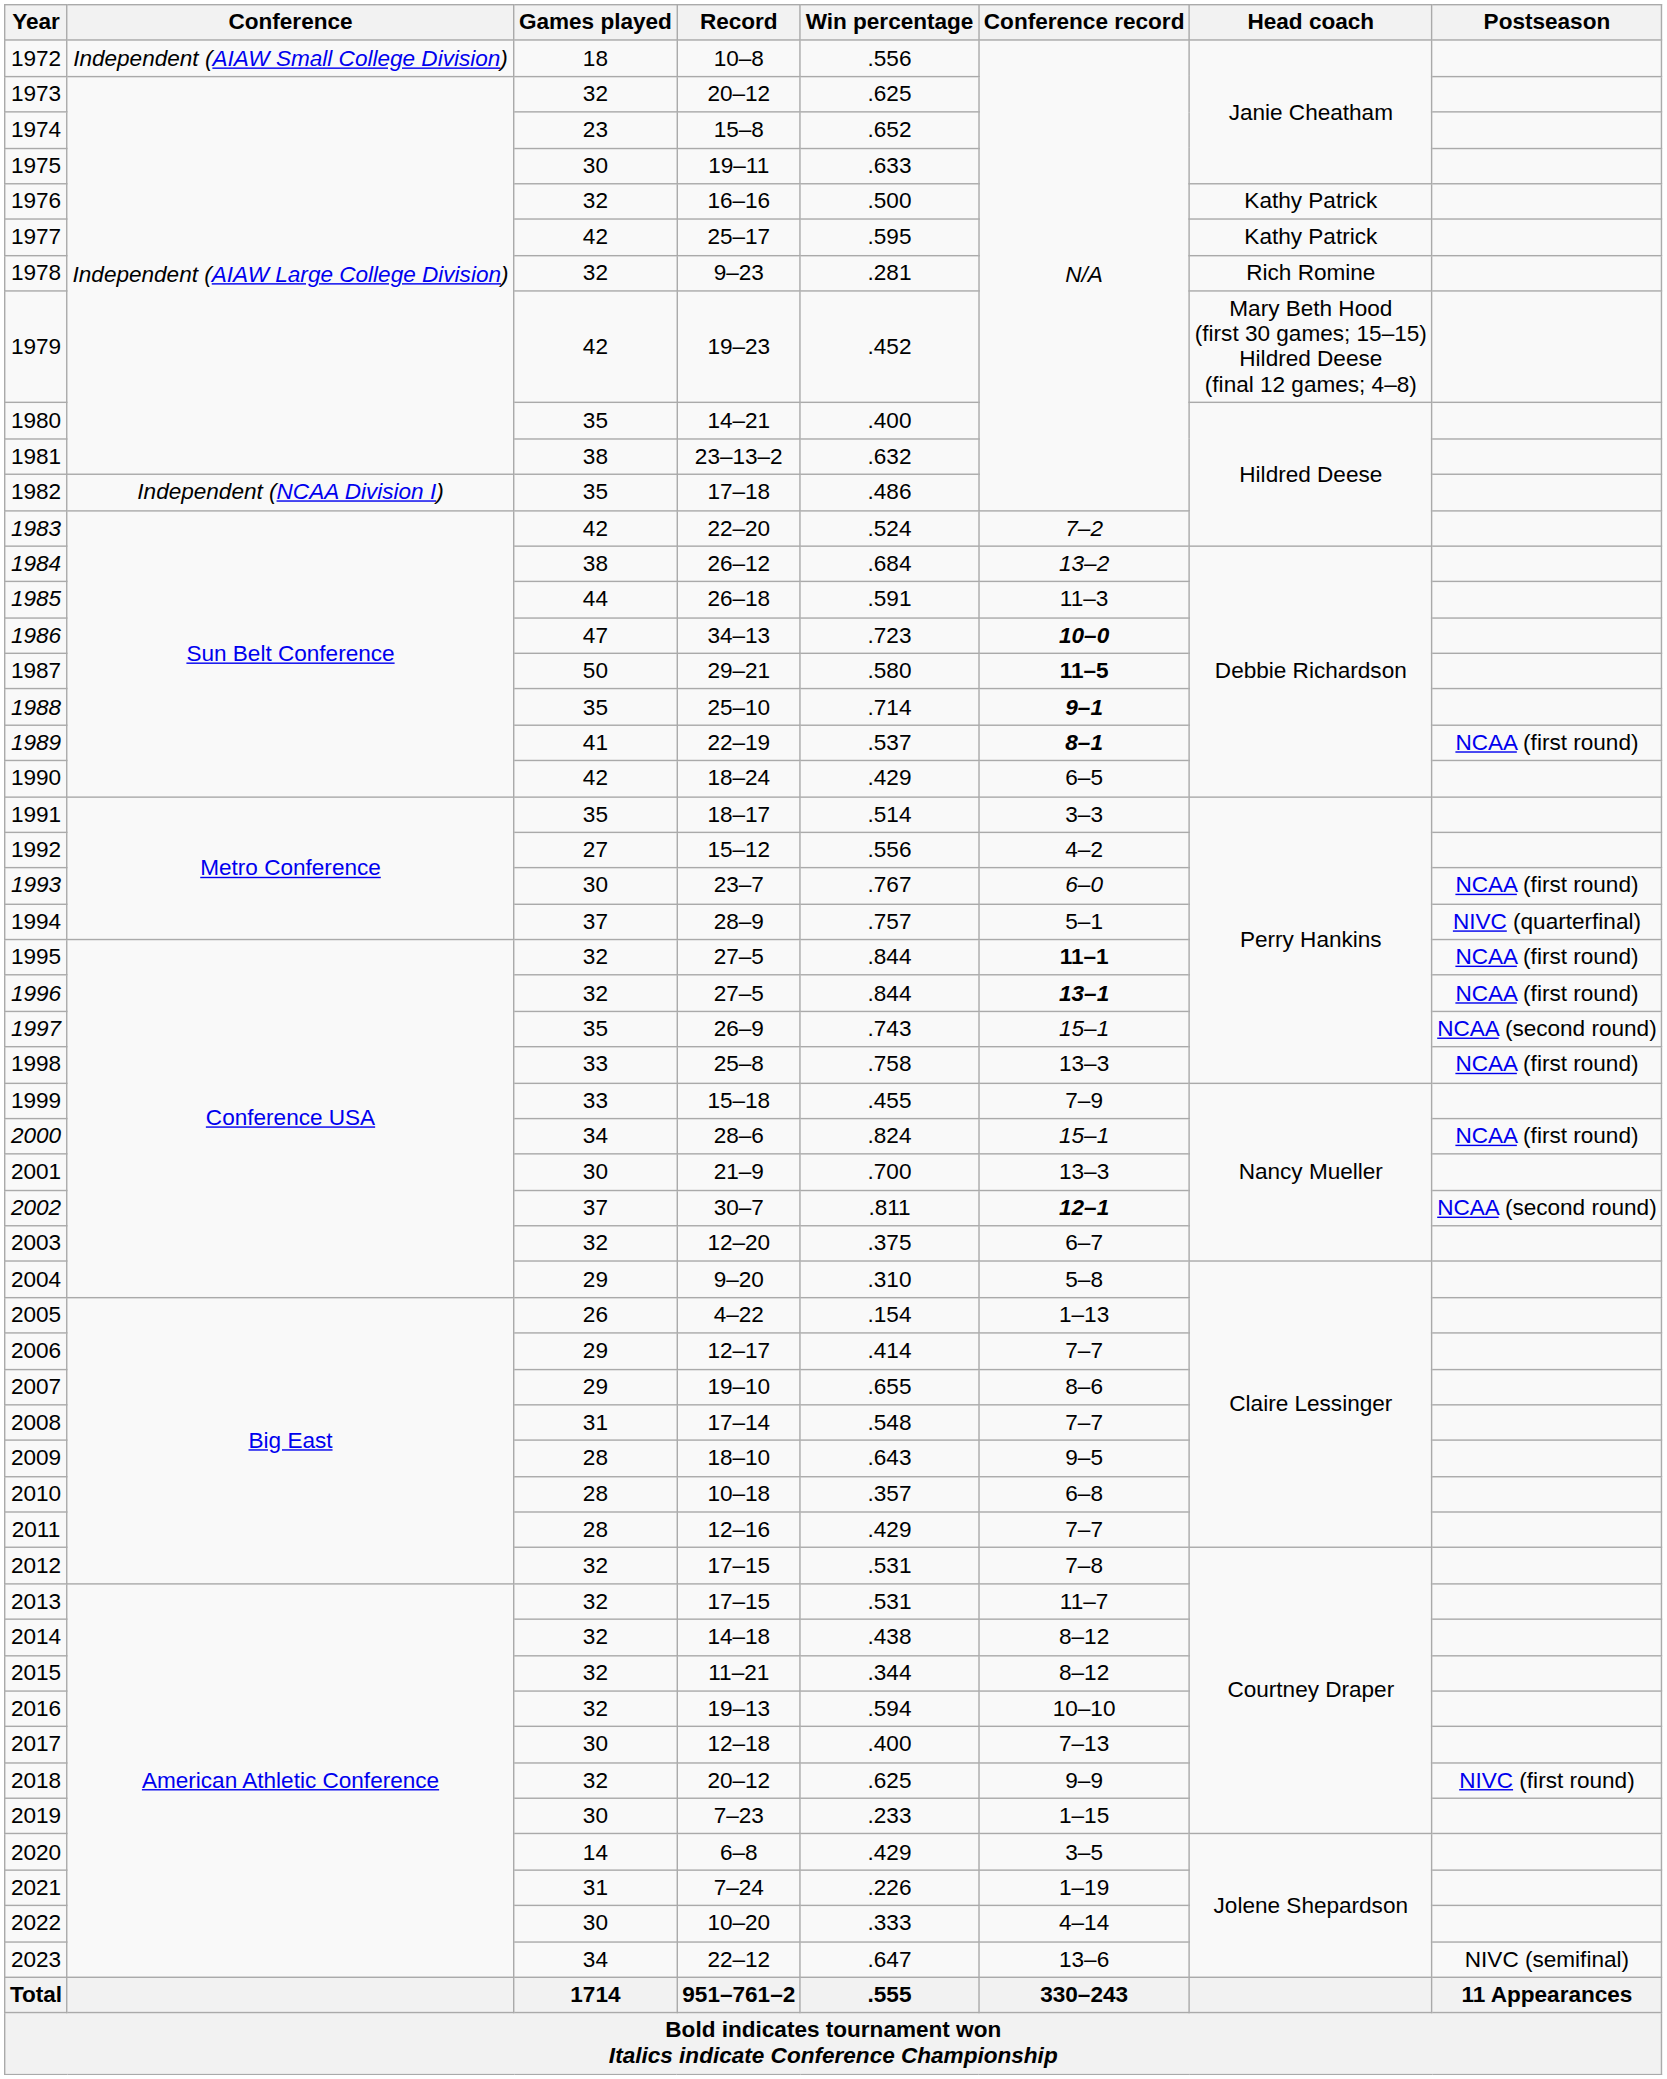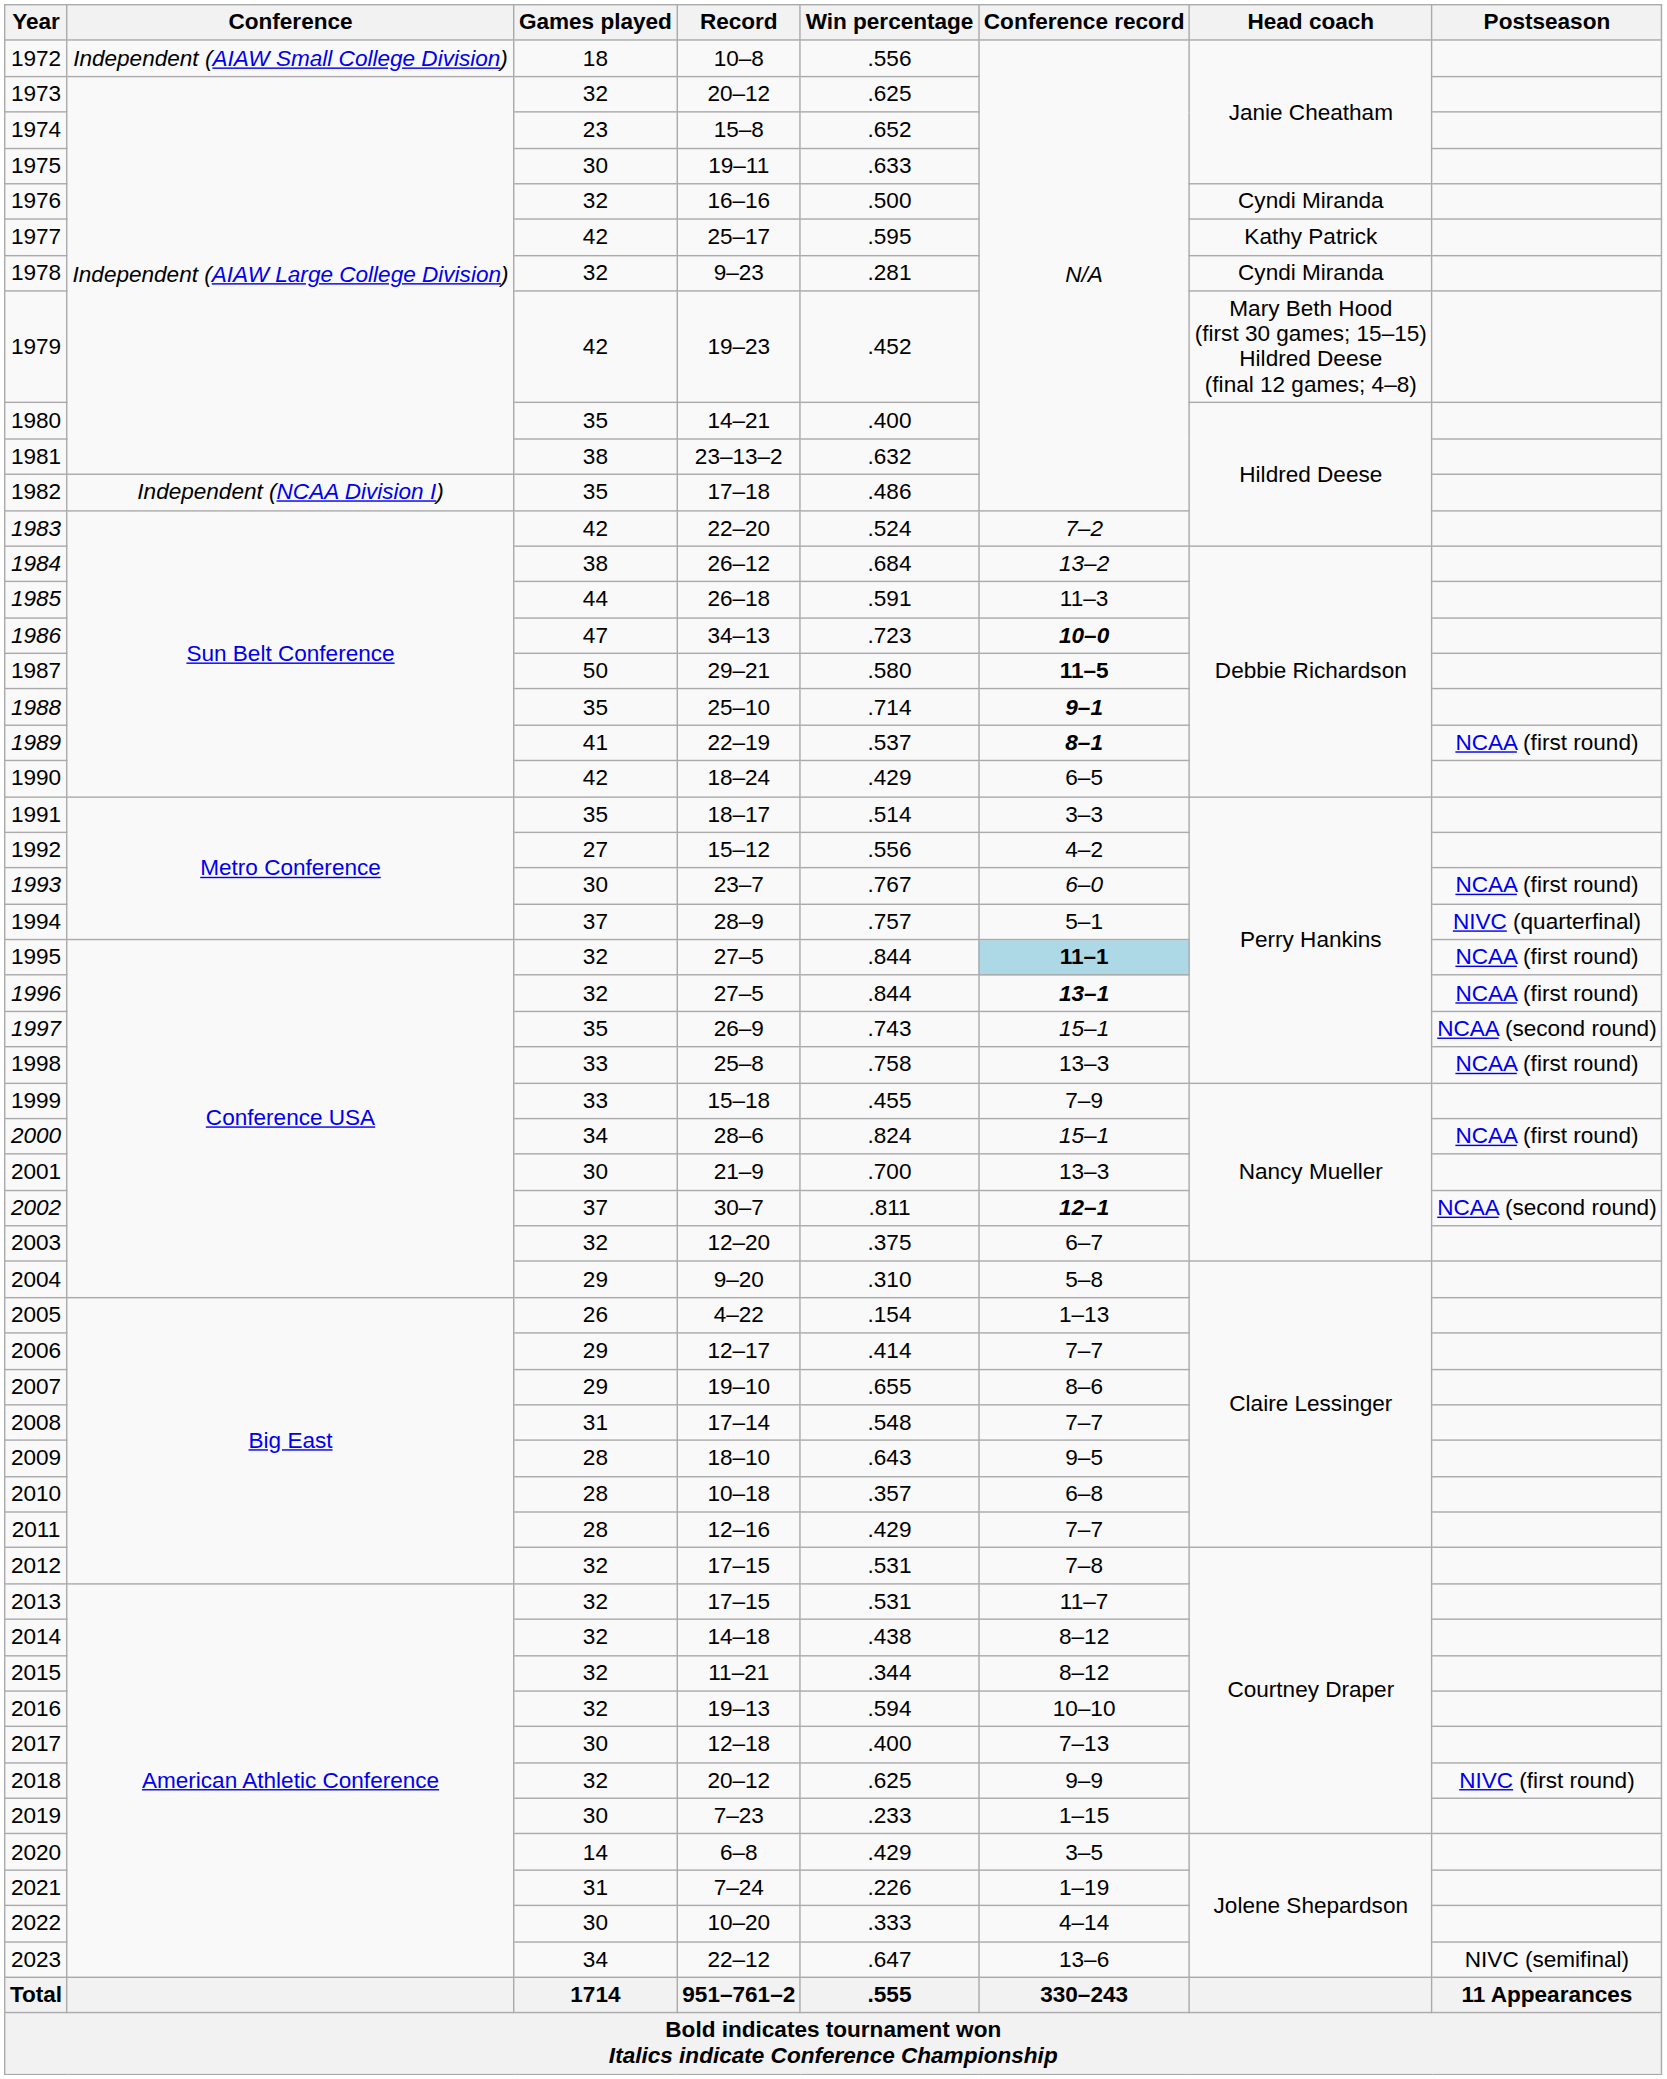 <table class="wikitable sortable" style="text-align:center;">
 <tr>
 <th style="text-align:center;">Year</th>
 <th style="text-align:center;">Conference</th>
 <th style="text-align:center;">Games played</th>
 <th style="text-align:center;">Record</th>
 <th style="text-align:center;">Win percentage</th>
 <th style="text-align:center;">Conference record</th>
 <th style="text-align:center;">Head coach</th>
 <th style="text-align:center;">Postseason</th>
 </tr>
 <tr>
 <td>1972</td>
 <td><em>Independent (<a href='#'>AIAW Small College Division</a>)</em></td>
 <td>18</td>
 <td>10–8</td>
 <td>.556</td>
 <td rowspan="11"><em>N/A</em></td>
 <td rowspan="4">Janie Cheatham</td>
 <td></td>
 </tr>
 <tr>
 <td>1973</td>
 <td rowspan="9"><em>Independent (<a href='#'>AIAW Large College Division</a>)</em></td>
 <td>32</td>
 <td>20–12</td>
 <td>.625</td>
 <td></td>
 </tr>
 <tr>
 <td>1974</td>
 <td>23</td>
 <td>15–8</td>
 <td>.652</td>
 <td></td>
 </tr>
 <tr>
 <td>1975</td>
 <td>30</td>
 <td>19–11</td>
 <td>.633</td>
 <td></td>
 </tr>
 <tr>
 <td>1976</td>
 <td>32</td>
 <td>16–16</td>
 <td>.500</td>
-<td>Kathy Patrick</td>
+<td>Cyndi Miranda</td>
 <td></td>
 </tr>
 <tr>
 <td>1977</td>
 <td>42</td>
 <td>25–17</td>
 <td>.595</td>
 <td>Kathy Patrick</td>
 <td></td>
 </tr>
 <tr>
 <td>1978</td>
 <td>32</td>
 <td>9–23</td>
 <td>.281</td>
-<td>Rich Romine</td>
+<td>Cyndi Miranda</td>
 <td></td>
 </tr>
 <tr>
 <td>1979</td>
 <td>42</td>
 <td>19–23</td>
 <td>.452</td>
 <td>Mary Beth Hood<br>(first 30 games; 15–15)<br>Hildred Deese<br>(final 12 games; 4–8)</td>
 <td></td>
 </tr>
 <tr>
 <td>1980</td>
 <td>35</td>
 <td>14–21</td>
 <td>.400</td>
 <td rowspan="4">Hildred Deese</td>
 <td></td>
 </tr>
 <tr>
 <td>1981</td>
 <td>38</td>
 <td>23–13–2</td>
 <td>.632</td>
 <td></td>
 </tr>
 <tr>
 <td>1982</td>
 <td><em>Independent (<a href='#'>NCAA Division I</a>)</em></td>
 <td>35</td>
 <td>17–18</td>
 <td>.486</td>
 <td></td>
 </tr>
 <tr>
 <td><em>1983</em></td>
 <td rowspan="8"><a href='#'>Sun Belt Conference</a></td>
 <td>42</td>
 <td>22–20</td>
 <td>.524</td>
 <td><em>7–2</em></td>
 <td></td>
 </tr>
 <tr>
 <td><em>1984</em></td>
 <td>38</td>
 <td>26–12</td>
 <td>.684</td>
 <td><em>13–2</em></td>
 <td rowspan="7">Debbie Richardson</td>
 <td></td>
 </tr>
 <tr>
 <td><em>1985</em></td>
 <td>44</td>
 <td>26–18</td>
 <td>.591</td>
 <td>11–3</td>
 <td></td>
 </tr>
 <tr>
 <td><em>1986</em></td>
 <td>47</td>
 <td>34–13</td>
 <td>.723</td>
 <td><strong><em>10–0</em></strong></td>
 <td></td>
 </tr>
 <tr>
 <td>1987</td>
 <td>50</td>
 <td>29–21</td>
 <td>.580</td>
 <td><strong>11–5</strong></td>
 <td></td>
 </tr>
 <tr>
 <td><em>1988</em></td>
 <td>35</td>
 <td>25–10</td>
 <td>.714</td>
 <td><strong><em>9–1</em></strong></td>
 <td></td>
 </tr>
 <tr>
 <td><em>1989</em></td>
 <td>41</td>
 <td>22–19</td>
 <td>.537</td>
 <td><strong><em>8–1</em></strong></td>
 <td><a href='#'>NCAA</a> (first round)</td>
 </tr>
 <tr>
 <td>1990</td>
 <td>42</td>
 <td>18–24</td>
 <td>.429</td>
 <td>6–5</td>
 <td></td>
 </tr>
 <tr>
 <td>1991</td>
 <td rowspan="4"><a href='#'>Metro Conference</a></td>
 <td>35</td>
 <td>18–17</td>
 <td>.514</td>
 <td>3–3</td>
 <td rowspan="8">Perry Hankins</td>
 <td></td>
 </tr>
 <tr>
 <td>1992</td>
 <td>27</td>
 <td>15–12</td>
 <td>.556</td>
 <td>4–2</td>
 <td></td>
 </tr>
 <tr>
 <td><em>1993</em></td>
 <td>30</td>
 <td>23–7</td>
 <td>.767</td>
 <td><em>6–0</em></td>
 <td><a href='#'>NCAA</a> (first round)</td>
 </tr>
 <tr>
 <td>1994</td>
 <td>37</td>
 <td>28–9</td>
 <td>.757</td>
 <td>5–1</td>
 <td><a href='#'>NIVC</a> (quarterfinal)</td>
 </tr>
 <tr>
 <td>1995</td>
 <td rowspan="10"><a href='#'>Conference USA</a></td>
 <td>32</td>
 <td>27–5</td>
 <td>.844</td>
-<td><strong>11–1</strong></td>
+<td style="background: lightblue;"><strong>11–1</strong></td>
 <td><a href='#'>NCAA</a> (first round)</td>
 </tr>
 <tr>
 <td><em>1996</em></td>
 <td>32</td>
 <td>27–5</td>
 <td>.844</td>
 <td><strong><em>13–1</em></strong></td>
 <td><a href='#'>NCAA</a> (first round)</td>
 </tr>
 <tr>
 <td><em>1997</em></td>
 <td>35</td>
 <td>26–9</td>
 <td>.743</td>
 <td><em>15–1</em></td>
 <td><a href='#'>NCAA</a> (second round)</td>
 </tr>
 <tr>
 <td>1998</td>
 <td>33</td>
 <td>25–8</td>
 <td>.758</td>
 <td>13–3</td>
 <td><a href='#'>NCAA</a> (first round)</td>
 </tr>
 <tr>
 <td>1999</td>
 <td>33</td>
 <td>15–18</td>
 <td>.455</td>
 <td>7–9</td>
 <td rowspan="5">Nancy Mueller</td>
 <td></td>
 </tr>
 <tr>
 <td><em>2000</em></td>
 <td>34</td>
 <td>28–6</td>
 <td>.824</td>
 <td><em>15–1</em></td>
 <td><a href='#'>NCAA</a> (first round)</td>
 </tr>
 <tr>
 <td>2001</td>
 <td>30</td>
 <td>21–9</td>
 <td>.700</td>
 <td>13–3</td>
 <td></td>
 </tr>
 <tr>
 <td><em>2002</em></td>
 <td>37</td>
 <td>30–7</td>
 <td>.811</td>
 <td><strong><em>12–1</em></strong></td>
 <td><a href='#'>NCAA</a> (second round)</td>
 </tr>
 <tr>
 <td>2003</td>
 <td>32</td>
 <td>12–20</td>
 <td>.375</td>
 <td>6–7</td>
 <td></td>
 </tr>
 <tr>
 <td>2004</td>
 <td>29</td>
 <td>9–20</td>
 <td>.310</td>
 <td>5–8</td>
 <td rowspan="8">Claire Lessinger</td>
 <td></td>
 </tr>
 <tr>
 <td>2005</td>
 <td rowspan="8"><a href='#'>Big East</a></td>
 <td>26</td>
 <td>4–22</td>
 <td>.154</td>
 <td>1–13</td>
 <td></td>
 </tr>
 <tr>
 <td>2006</td>
 <td>29</td>
 <td>12–17</td>
 <td>.414</td>
 <td>7–7</td>
 <td></td>
 </tr>
 <tr>
 <td>2007</td>
 <td>29</td>
 <td>19–10</td>
 <td>.655</td>
 <td>8–6</td>
 <td></td>
 </tr>
 <tr>
 <td>2008</td>
 <td>31</td>
 <td>17–14</td>
 <td>.548</td>
 <td>7–7</td>
 <td></td>
 </tr>
 <tr>
 <td>2009</td>
 <td>28</td>
 <td>18–10</td>
 <td>.643</td>
 <td>9–5</td>
 <td></td>
 </tr>
 <tr>
 <td>2010</td>
 <td>28</td>
 <td>10–18</td>
 <td>.357</td>
 <td>6–8</td>
 <td></td>
 </tr>
 <tr>
 <td>2011</td>
 <td>28</td>
 <td>12–16</td>
 <td>.429</td>
 <td>7–7</td>
 <td></td>
 </tr>
 <tr>
 <td>2012</td>
 <td>32</td>
 <td>17–15</td>
 <td>.531</td>
 <td>7–8</td>
 <td rowspan="8">Courtney Draper</td>
 <td></td>
 </tr>
 <tr>
 <td>2013</td>
 <td rowspan="11"><a href='#'>American Athletic Conference</a></td>
 <td>32</td>
 <td>17–15</td>
 <td>.531</td>
 <td>11–7</td>
 <td></td>
 </tr>
 <tr>
 <td>2014</td>
 <td>32</td>
 <td>14–18</td>
 <td>.438</td>
 <td>8–12</td>
 <td></td>
 </tr>
 <tr>
 <td>2015</td>
 <td>32</td>
 <td>11–21</td>
 <td>.344</td>
 <td>8–12</td>
 <td></td>
 </tr>
 <tr>
 <td>2016</td>
 <td>32</td>
 <td>19–13</td>
 <td>.594</td>
 <td>10–10</td>
 <td></td>
 </tr>
 <tr>
 <td>2017</td>
 <td>30</td>
 <td>12–18</td>
 <td>.400</td>
 <td>7–13</td>
 <td></td>
 </tr>
 <tr>
 <td>2018</td>
 <td>32</td>
 <td>20–12</td>
 <td>.625</td>
 <td>9–9</td>
 <td><a href='#'>NIVC</a> (first round)</td>
 </tr>
 <tr>
 <td>2019</td>
 <td>30</td>
 <td>7–23</td>
 <td>.233</td>
 <td>1–15</td>
 <td></td>
 </tr>
 <tr>
 <td>2020</td>
 <td>14</td>
 <td>6–8</td>
 <td>.429</td>
 <td>3–5</td>
 <td rowspan="4">Jolene Shepardson</td>
 <td></td>
 </tr>
 <tr>
 <td>2021</td>
 <td>31</td>
 <td>7–24</td>
 <td>.226</td>
 <td>1–19</td>
 <td></td>
 </tr>
 <tr>
 <td>2022</td>
 <td>30</td>
 <td>10–20</td>
 <td>.333</td>
 <td>4–14</td>
 <td></td>
 </tr>
 <tr>
 <td>2023</td>
 <td>34</td>
 <td>22–12</td>
 <td>.647</td>
 <td>13–6</td>
 <td>NIVC (semifinal)</td>
 </tr>
 <tr>
 <th style="text-align:center;">Total</th>
 <th style="text-align:center;"></th>
 <th style="text-align:center;">1714</th>
 <th style="text-align:center;">951–761–2</th>
 <th style="text-align:center;">.555</th>
 <th style="text-align:center;">330–243</th>
 <th style="text-align:center;"></th>
 <th style="text-align:center;">11 Appearances</th>
 </tr>
 <tr>
 <th colspan="8" style="text-align:center;"><strong>Bold indicates tournament won</strong><br><strong><em>Italics indicate Conference Championship</em></strong></th>
 </tr>
 </table>
